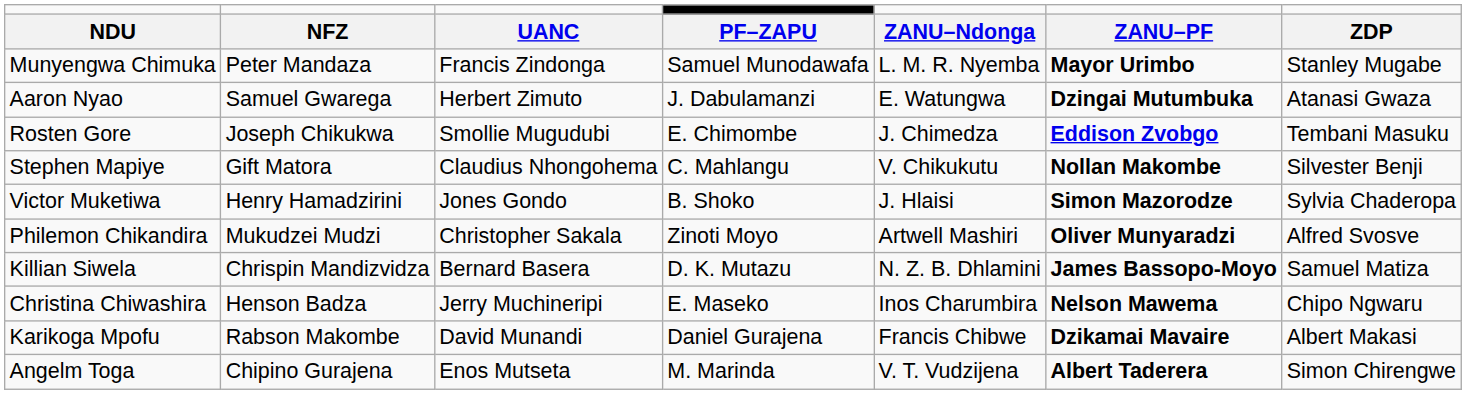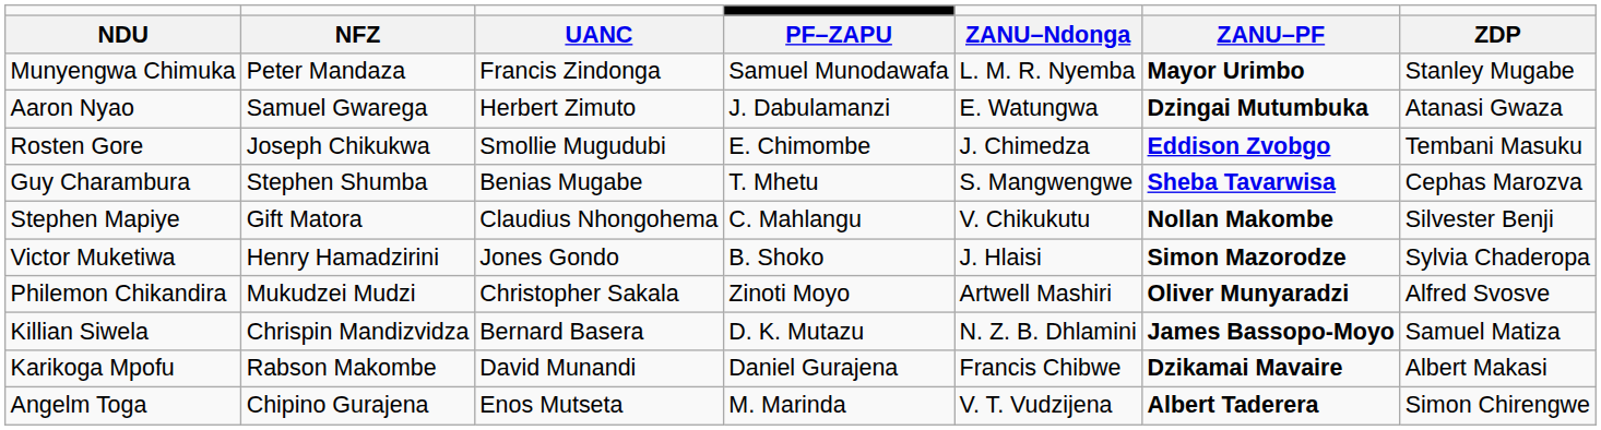 <table class="wikitable">
 <tr>
 <td></td>
 <td></td>
 <td style="background-color: "></td>
 <td style="background-color:#000000"></td>
 <td></td>
 <td style="background-color: "></td>
 <td></td>
 </tr>
 <tr>
 <th>NDU</th>
 <th>NFZ</th>
 <th><a href='#'>UANC</a></th>
 <th><a href='#'>PF–ZAPU</a></th>
 <th><a href='#'>ZANU–Ndonga</a></th>
 <th><a href='#'>ZANU–PF</a></th>
 <th>ZDP</th>
 </tr>
 <tr>
 <td>Munyengwa Chimuka</td>
 <td>Peter Mandaza</td>
 <td>Francis Zindonga</td>
 <td>Samuel Munodawafa</td>
 <td>L. M. R. Nyemba</td>
 <td><strong>Mayor Urimbo</strong></td>
 <td>Stanley Mugabe</td>
 </tr>
 <tr>
 <td>Aaron Nyao</td>
 <td>Samuel Gwarega</td>
 <td>Herbert Zimuto</td>
 <td>J. Dabulamanzi</td>
 <td>E. Watungwa</td>
 <td><strong>Dzingai Mutumbuka</strong></td>
 <td>Atanasi Gwaza</td>
 </tr>
 <tr>
 <td>Rosten Gore</td>
 <td>Joseph Chikukwa</td>
 <td>Smollie Mugudubi</td>
 <td>E. Chimombe</td>
 <td>J. Chimedza</td>
 <td><strong><a href='#'>Eddison Zvobgo</a></strong></td>
 <td>Tembani Masuku</td>
 </tr>
 <tr>
+<td>Guy Charambura</td>
+<td>Stephen Shumba</td>
+<td>Benias Mugabe</td>
+<td>T. Mhetu</td>
+<td>S. Mangwengwe</td>
+<td><strong><a href='#'>Sheba Tavarwisa</a></strong></td>
+<td>Cephas Marozva</td>
+</tr>
+<tr>
 <td>Stephen Mapiye</td>
 <td>Gift Matora</td>
 <td>Claudius Nhongohema</td>
 <td>C. Mahlangu</td>
 <td>V. Chikukutu</td>
 <td><strong>Nollan Makombe</strong></td>
 <td>Silvester Benji</td>
 </tr>
 <tr>
 <td>Victor Muketiwa</td>
 <td>Henry Hamadzirini</td>
 <td>Jones Gondo</td>
 <td>B. Shoko</td>
 <td>J. Hlaisi</td>
 <td><strong>Simon Mazorodze</strong></td>
 <td>Sylvia Chaderopa</td>
 </tr>
 <tr>
 <td>Philemon Chikandira</td>
 <td>Mukudzei Mudzi</td>
 <td>Christopher Sakala</td>
 <td>Zinoti Moyo</td>
 <td>Artwell Mashiri</td>
 <td><strong>Oliver Munyaradzi</strong></td>
 <td>Alfred Svosve</td>
 </tr>
 <tr>
 <td>Killian Siwela</td>
 <td>Chrispin Mandizvidza</td>
 <td>Bernard Basera</td>
 <td>D. K. Mutazu</td>
 <td>N. Z. B. Dhlamini</td>
 <td><strong>James Bassopo-Moyo</strong></td>
 <td>Samuel Matiza</td>
 </tr>
 <tr>
-<td>Christina Chiwashira</td>
-<td>Henson Badza</td>
-<td>Jerry Muchineripi</td>
-<td>E. Maseko</td>
-<td>Inos Charumbira</td>
-<td><strong>Nelson Mawema</strong></td>
-<td>Chipo Ngwaru</td>
-</tr>
-<tr>
 <td>Karikoga Mpofu</td>
 <td>Rabson Makombe</td>
 <td>David Munandi</td>
 <td>Daniel Gurajena</td>
 <td>Francis Chibwe</td>
 <td><strong>Dzikamai Mavaire</strong></td>
 <td>Albert Makasi</td>
 </tr>
 <tr>
 <td>Angelm Toga</td>
 <td>Chipino Gurajena</td>
 <td>Enos Mutseta</td>
 <td>M. Marinda</td>
 <td>V. T. Vudzijena</td>
 <td><strong>Albert Taderera</strong></td>
 <td>Simon Chirengwe</td>
 </tr>
 </table>
